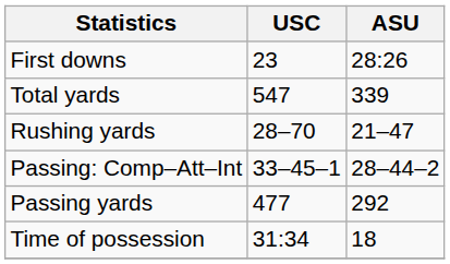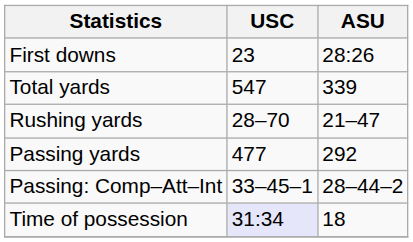 <table class="wikitable" style="float: left;">
 <tr>
 <th>Statistics</th>
 <th>USC</th>
 <th>ASU</th>
 </tr>
 <tr>
 <td>First downs</td>
 <td>23</td>
 <td>28:26</td>
 </tr>
 <tr>
 <td>Total yards</td>
 <td>547</td>
 <td>339</td>
 </tr>
 <tr>
 <td>Rushing yards</td>
 <td>28–70</td>
 <td>21–47</td>
 </tr>
 <tr>
+<td>Passing yards</td>
+<td>477</td>
+<td>292</td>
+</tr>
+<tr>
 <td>Passing: Comp–Att–Int</td>
 <td>33–45–1</td>
 <td>28–44–2</td>
 </tr>
 <tr>
-<td>Passing yards</td>
-<td>477</td>
-<td>292</td>
-</tr>
-<tr>
 <td>Time of possession</td>
-<td>31:34</td>
+<td style="background: lavender;">31:34</td>
 <td>18</td>
 </tr>
 <tr>
 </tr>
 </table>
